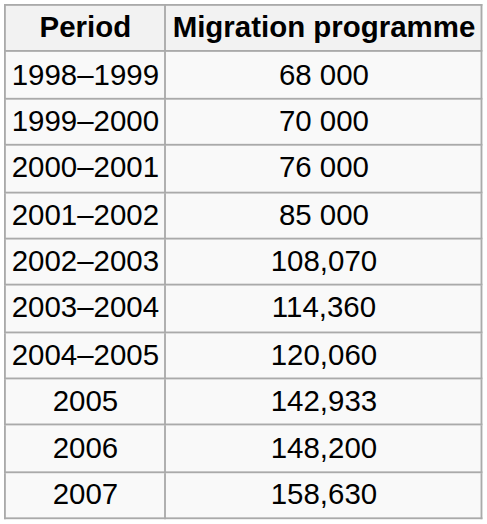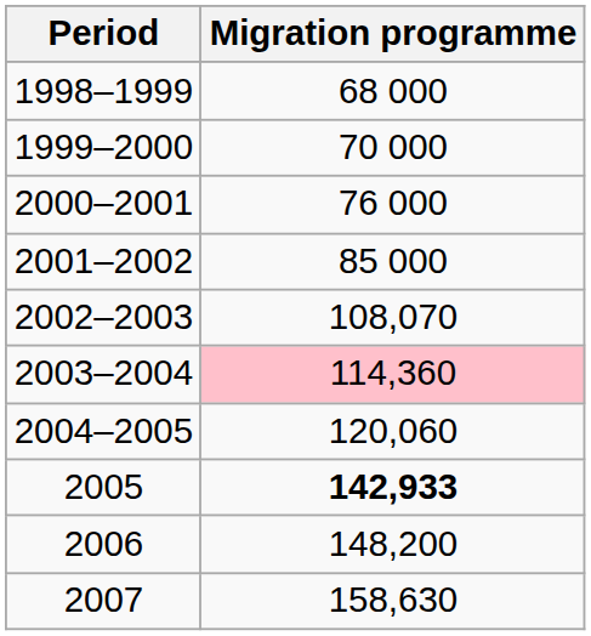 <table class="wikitable" style="text-align:center">
 <tr>
 <th>Period</th>
 <th>Migration programme</th>
 </tr>
 <tr>
 <td>1998–1999</td>
 <td>68 000</td>
 </tr>
 <tr>
 <td>1999–2000</td>
 <td>70 000</td>
 </tr>
 <tr>
 <td>2000–2001</td>
 <td>76 000</td>
 </tr>
 <tr>
 <td>2001–2002</td>
 <td>85 000</td>
 </tr>
 <tr>
 <td>2002–2003</td>
 <td>108,070</td>
 </tr>
 <tr>
 <td>2003–2004</td>
-<td>114,360</td>
+<td style="background: pink;">114,360</td>
 </tr>
 <tr>
 <td>2004–2005</td>
 <td>120,060</td>
 </tr>
 <tr>
 <td>2005</td>
-<td>142,933</td>
+<td><strong>142,933</strong></td>
 </tr>
 <tr>
 <td>2006</td>
 <td>148,200</td>
 </tr>
 <tr>
 <td>2007</td>
 <td>158,630</td>
 </tr>
 </table>
